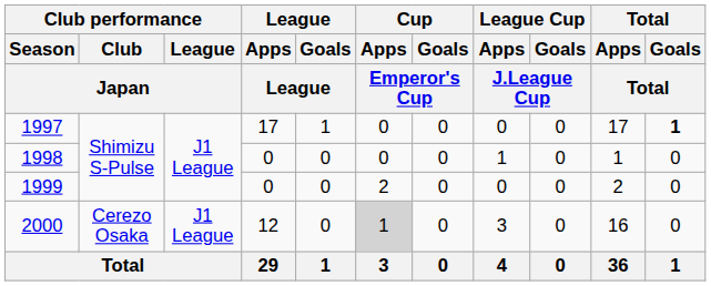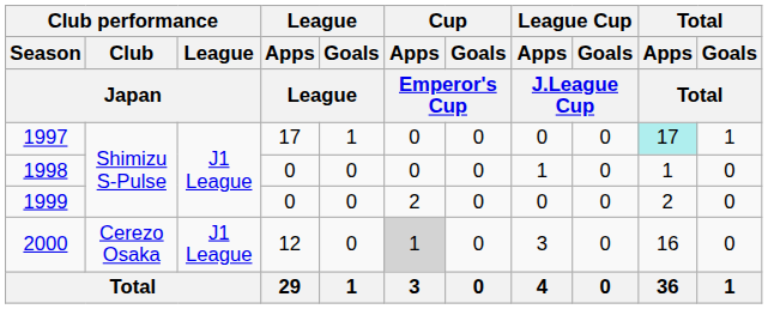 <table class="wikitable" style="text-align:center;">
 <tr>
 <th colspan=3>Club performance</th>
 <th colspan=2>League</th>
 <th colspan=2>Cup</th>
 <th colspan=2>League Cup</th>
 <th colspan=2>Total</th>
 </tr>
 <tr>
 <th>Season</th>
 <th>Club</th>
 <th>League</th>
 <th>Apps</th>
 <th>Goals</th>
 <th>Apps</th>
 <th>Goals</th>
 <th>Apps</th>
 <th>Goals</th>
 <th>Apps</th>
 <th>Goals</th>
 </tr>
 <tr>
 <th colspan=3>Japan</th>
 <th colspan=2>League</th>
 <th colspan=2><a href='#'>Emperor's Cup</a></th>
 <th colspan=2><a href='#'>J.League Cup</a></th>
 <th colspan=2>Total</th>
 </tr>
 <tr>
 <td><a href='#'>1997</a></td>
 <td rowspan="3"><a href='#'>Shimizu S-Pulse</a></td>
 <td rowspan="3"><a href='#'>J1 League</a></td>
 <td>17</td>
 <td>1</td>
 <td>0</td>
 <td>0</td>
 <td>0</td>
 <td>0</td>
-<td>17</td>
-<td><strong>1</strong></td>
+<td style="background: paleturquoise;">17</td>
+<td>1</td>
 </tr>
 <tr>
 <td><a href='#'>1998</a></td>
 <td>0</td>
 <td>0</td>
 <td>0</td>
 <td>0</td>
 <td>1</td>
 <td>0</td>
 <td>1</td>
 <td>0</td>
 </tr>
 <tr>
 <td><a href='#'>1999</a></td>
 <td>0</td>
 <td>0</td>
 <td>2</td>
 <td>0</td>
 <td>0</td>
 <td>0</td>
 <td>2</td>
 <td>0</td>
 </tr>
 <tr>
 <td><a href='#'>2000</a></td>
 <td><a href='#'>Cerezo Osaka</a></td>
 <td><a href='#'>J1 League</a></td>
 <td>12</td>
 <td>0</td>
 <td style="background: lightgrey;">1</td>
 <td>0</td>
 <td>3</td>
 <td>0</td>
 <td>16</td>
 <td>0</td>
 </tr>
 <tr>
 <th colspan=3>Total</th>
 <th>29</th>
 <th>1</th>
 <th>3</th>
 <th>0</th>
 <th>4</th>
 <th>0</th>
 <th>36</th>
 <th>1</th>
 </tr>
 </table>
